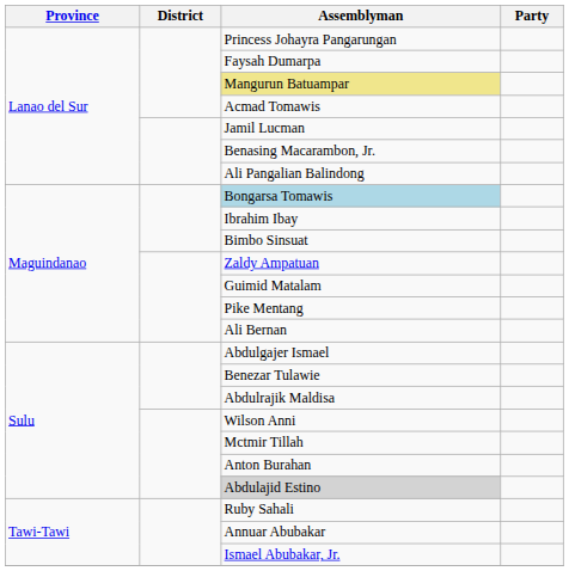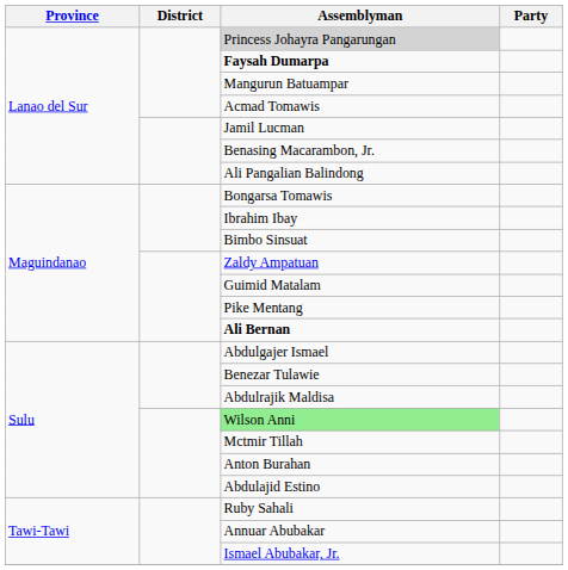 <table class="wikitable" width=50%; colspan= 4>
 <tr>
 <th><a href='#'>Province</a></th>
 <th>District</th>
 <th>Assemblyman</th>
 <th>Party</th>
 </tr>
 <tr>
 <td rowspan=7><a href='#'>Lanao del Sur</a></td>
 <td rowspan=4></td>
-<td>Princess Johayra Pangarungan</td>
+<td style="background: lightgrey;">Princess Johayra Pangarungan</td>
 <td></td>
 </tr>
 <tr>
-<td>Faysah Dumarpa</td>
+<td><strong>Faysah Dumarpa</strong></td>
 <td></td>
 </tr>
 <tr>
-<td style="background: khaki;">Mangurun Batuampar<br></td>
+<td>Mangurun Batuampar<br></td>
 <td></td>
 </tr>
 <tr>
 <td>Acmad Tomawis<br></td>
 <td></td>
 </tr>
 <tr>
 <td rowspan=3></td>
 <td>Jamil Lucman</td>
 <td></td>
 </tr>
 <tr>
 <td>Benasing Macarambon, Jr.</td>
 <td></td>
 </tr>
 <tr>
 <td>Ali Pangalian Balindong</td>
 <td></td>
 </tr>
 <tr>
 <td rowspan=7><a href='#'>Maguindanao</a></td>
 <td rowspan=3></td>
-<td style="background: lightblue;">Bongarsa Tomawis</td>
+<td>Bongarsa Tomawis</td>
 <td></td>
 </tr>
 <tr>
 <td>Ibrahim Ibay</td>
 <td></td>
 </tr>
 <tr>
 <td>Bimbo Sinsuat</td>
 <td></td>
 </tr>
 <tr>
 <td rowspan=4></td>
 <td><a href='#'>Zaldy Ampatuan</a></td>
 <td></td>
 </tr>
 <tr>
 <td>Guimid Matalam</td>
 <td></td>
 </tr>
 <tr>
 <td>Pike Mentang<br></td>
 <td></td>
 </tr>
 <tr>
-<td>Ali Bernan<br></td>
+<td><strong>Ali Bernan<br></strong></td>
 <td></td>
 </tr>
 <tr>
 <td rowspan=7><a href='#'>Sulu</a></td>
 <td rowspan=3></td>
 <td>Abdulgajer Ismael</td>
 <td></td>
 </tr>
 <tr>
 <td>Benezar Tulawie</td>
 <td></td>
 </tr>
 <tr>
 <td>Abdulrajik Maldisa</td>
 <td></td>
 </tr>
 <tr>
 <td rowspan=4></td>
-<td>Wilson Anni</td>
+<td style="background: lightgreen;">Wilson Anni</td>
 <td></td>
 </tr>
 <tr>
 <td>Mctmir Tillah</td>
 <td></td>
 </tr>
 <tr>
 <td>Anton Burahan<br></td>
 <td></td>
 </tr>
 <tr>
-<td style="background: lightgrey;">Abdulajid  Estino<br></td>
+<td>Abdulajid  Estino<br></td>
 <td></td>
 </tr>
 <tr>
 <td rowspan=3><a href='#'>Tawi-Tawi</a></td>
 <td rowspan=3></td>
 <td>Ruby Sahali</td>
 <td></td>
 </tr>
 <tr>
 <td>Annuar Abubakar</td>
 <td></td>
 </tr>
 <tr>
 <td><a href='#'>Ismael Abubakar, Jr.</a></td>
 <td></td>
 </tr>
 <tr>
 </tr>
 </table>
